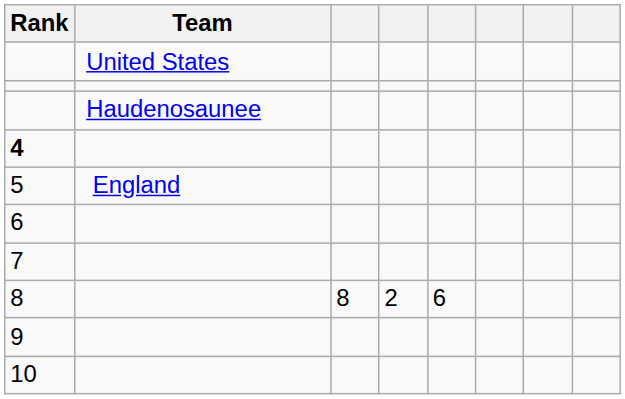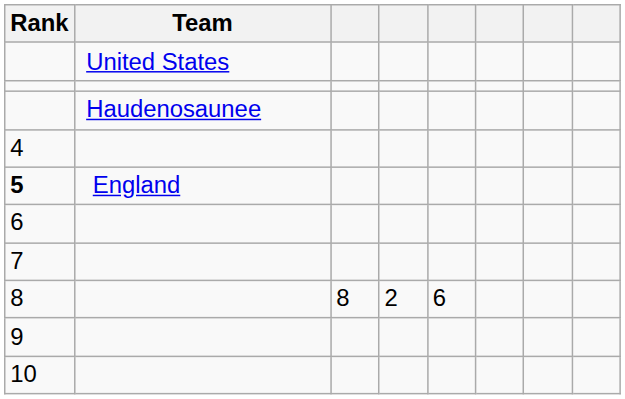 <table class="wikitable sortable">
 <tr>
 <th>Rank</th>
 <th width="165">Team</th>
 <th width="25"></th>
 <th width="25"></th>
 <th width="25"></th>
 <th width="25"></th>
 <th width="25"></th>
 <th width="25"></th>
 </tr>
 <tr>
 <td></td>
 <td align="left"> <a href='#'>United States</a></td>
 <td></td>
 <td></td>
 <td></td>
 <td></td>
 <td></td>
 <td></td>
 </tr>
 <tr>
 <td></td>
 <td align="left"></td>
 <td></td>
 <td></td>
 <td></td>
 <td></td>
 <td></td>
 <td></td>
 </tr>
 <tr>
 <td></td>
 <td align="left"> <a href='#'>Haudenosaunee</a></td>
 <td></td>
 <td></td>
 <td></td>
 <td></td>
 <td></td>
 <td></td>
 </tr>
 <tr>
-<td><strong>4</strong></td>
+<td>4</td>
 <td align="left"></td>
 <td></td>
 <td></td>
 <td></td>
 <td></td>
 <td></td>
 <td></td>
 </tr>
 <tr>
-<td>5</td>
+<td><strong>5</strong></td>
 <td align="left">  <a href='#'>England</a></td>
 <td></td>
 <td></td>
 <td></td>
 <td></td>
 <td></td>
 <td></td>
 </tr>
 <tr>
 <td>6</td>
 <td align="left"></td>
 <td></td>
 <td></td>
 <td></td>
 <td></td>
 <td></td>
 <td></td>
 </tr>
 <tr>
 <td>7</td>
 <td align="left"></td>
 <td></td>
 <td></td>
 <td></td>
 <td></td>
 <td></td>
 <td></td>
 </tr>
 <tr>
 <td>8</td>
 <td align="left"></td>
 <td>8</td>
 <td>2</td>
 <td>6</td>
 <td></td>
 <td></td>
 <td></td>
 </tr>
 <tr>
 <td>9</td>
 <td align="left"></td>
 <td></td>
 <td></td>
 <td></td>
 <td></td>
 <td></td>
 <td></td>
 </tr>
 <tr>
 <td>10</td>
 <td align="left"></td>
 <td></td>
 <td></td>
 <td></td>
 <td></td>
 <td></td>
 <td></td>
 </tr>
 </table>
